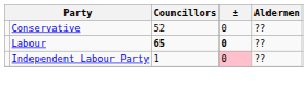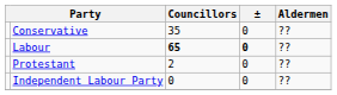 <table class="wikitable">
 <tr>
 <th colspan="2">Party</th>
 <th>Councillors</th>
 <th>  ±  </th>
 <th>Aldermen</th>
 </tr>
 <tr>
 <td style="background-color: "></td>
 <td><a href='#'>Conservative</a></td>
-<td>52</td>
+<td>35</td>
 <td>0</td>
 <td>??</td>
 </tr>
 <tr>
 <td style="background-color: "></td>
 <td><a href='#'>Labour</a></td>
 <td><strong>65</strong></td>
 <td><strong>0</strong></td>
 <td>??</td>
 </tr>
 <tr>
 <td style="background-color: "></td>
+<td><a href='#'>Protestant</a></td>
+<td>2</td>
+<td>0</td>
+<td>??</td>
+</tr>
+<tr>
+<td style="background-color: "></td>
 <td><a href='#'>Independent Labour Party</a></td>
-<td>1</td>
-<td style="background: pink;">0</td>
+<td>0</td>
+<td>0</td>
 <td>??</td>
 </tr>
 <tr>
 </tr>
 </table>
